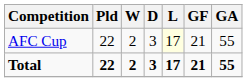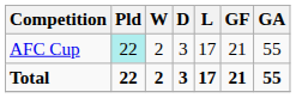 <table class="wikitable">
 <tr>
 <th>Competition</th>
 <th>Pld</th>
 <th>W</th>
 <th>D</th>
 <th>L</th>
 <th>GF</th>
 <th>GA</th>
 </tr>
 <tr>
 <td><a href='#'>AFC Cup</a></td>
-<td style="text-align:center;">22</td>
+<td style="background: paleturquoise; text-align:center;">22</td>
 <td style="text-align:center;">2</td>
 <td style="text-align:center;">3</td>
-<td style="background: lightyellow; text-align:center;">17</td>
+<td style="text-align:center;">17</td>
 <td style="text-align:center;">21</td>
 <td style="text-align:center;">55</td>
 </tr>
 <tr>
 <td><strong>Total</strong></td>
 <td style="text-align:center;"><strong>22</strong></td>
 <td style="text-align:center;"><strong>2</strong></td>
 <td style="text-align:center;"><strong>3</strong></td>
 <td style="text-align:center;"><strong>17</strong></td>
 <td style="text-align:center;"><strong>21</strong></td>
 <td style="text-align:center;"><strong>55</strong></td>
 </tr>
 <tr>
 </tr>
 </table>
